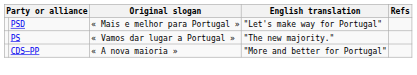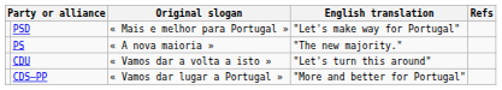 <table class="wikitable" style="font-size:97%; text-align:left;">
 <tr>
 <th style="text-align:left;" colspan="2">Party or alliance</th>
 <th>Original slogan</th>
 <th>English translation</th>
 <th>Refs</th>
 </tr>
 <tr>
 <td style="color:inherit;background:"></td>
 <td><a href='#'>PSD</a></td>
 <td>« Mais e melhor para Portugal »</td>
 <td>"Let's make way for Portugal"</td>
 <td></td>
 </tr>
 <tr>
 <td width="1" style="color:inherit;background:"></td>
 <td><a href='#'>PS</a></td>
-<td>« Vamos dar lugar a Portugal »</td>
+<td>« A nova maioria »</td>
 <td>"The new majority."</td>
 <td></td>
 </tr>
 <tr>
 <td style="color:inherit;background:"></td>
+<td><a href='#'>CDU</a></td>
+<td>« Vamos dar a volta a isto »</td>
+<td>"Let's turn this around"</td>
+<td></td>
+</tr>
+<tr>
+<td style="color:inherit;background:"></td>
 <td><a href='#'>CDS–PP</a></td>
-<td>« A nova maioria »</td>
+<td>« Vamos dar lugar a Portugal »</td>
 <td>"More and better for Portugal"</td>
 <td></td>
 </tr>
 </table>
